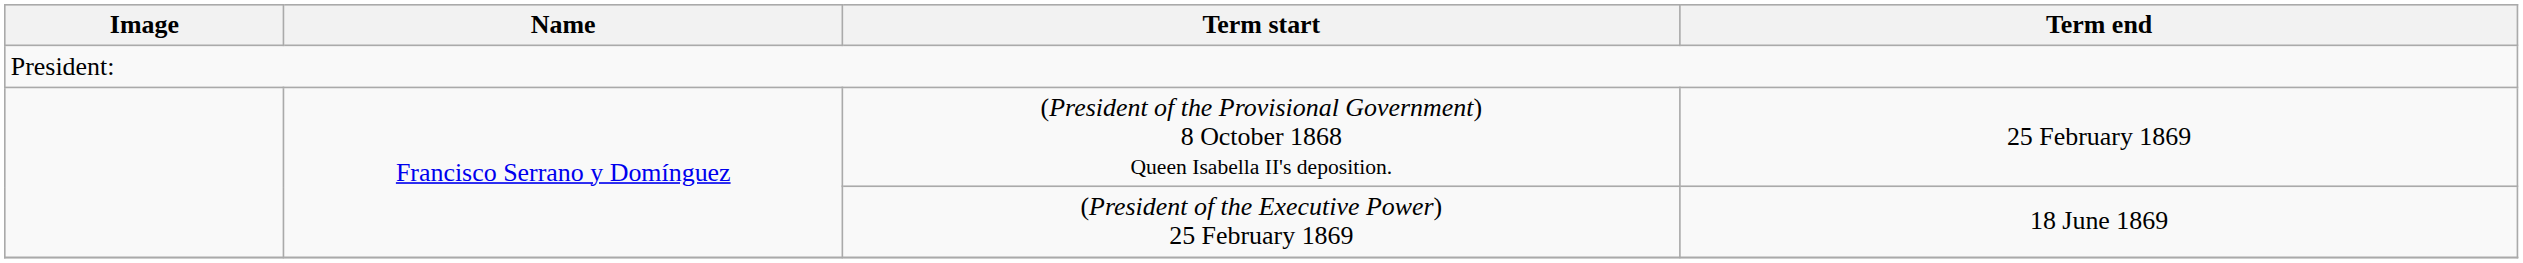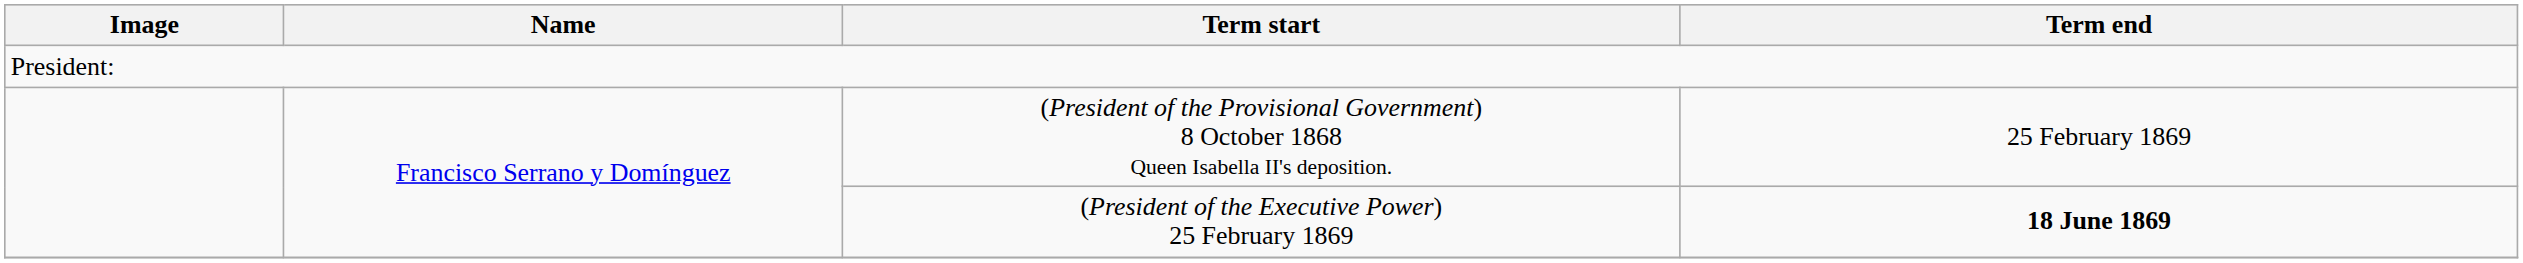 <table width=98% class="wikitable">
 <tr>
 <th width=10%>Image</th>
 <th width=20%>Name</th>
 <th width=30%>Term start</th>
 <th width=30%>Term end</th>
 </tr>
 <tr>
 <td colspan=4> President:</td>
 </tr>
 <tr>
 <td align="center" rowspan="2"></td>
 <td align="center" rowspan="2"><a href='#'>Francisco Serrano y Domínguez</a></td>
 <td align="center">(<em>President of the Provisional Government</em>)<br>8 October 1868<br><small> Queen Isabella II's deposition.</small></td>
 <td align="center">25 February 1869<br></td>
 </tr>
 <tr>
 <td align="center">(<em>President of the Executive Power</em>)<br>25 February 1869</td>
-<td align="center">18 June 1869<br></td>
+<td align="center"><strong>18 June 1869<br></strong></td>
 </tr>
 <tr>
 </tr>
 </table>
